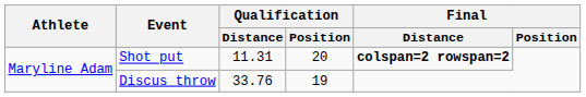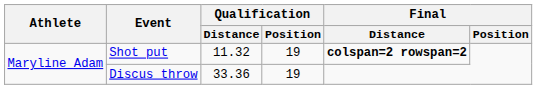 <table class=wikitable style=font-size:90%>
 <tr>
 <th rowspan=2>Athlete</th>
 <th rowspan=2>Event</th>
 <th colspan=2>Qualification</th>
 <th colspan=2>Final</th>
 </tr>
 <tr style=font-size:95%>
 <th>Distance</th>
 <th>Position</th>
 <th>Distance</th>
 <th>Position</th>
 </tr>
 <tr align=center>
 <td align=left rowspan=2><a href='#'>Maryline Adam</a></td>
 <td align=left><a href='#'>Shot put</a></td>
-<td>11.31</td>
-<td>20</td>
+<td>11.32</td>
+<td>19</td>
 <td><strong>colspan=2 rowspan=2 </strong></td>
 </tr>
 <tr align=center>
 <td align=left><a href='#'>Discus throw</a></td>
-<td>33.76</td>
+<td>33.36</td>
 <td>19</td>
 </tr>
 </table>
